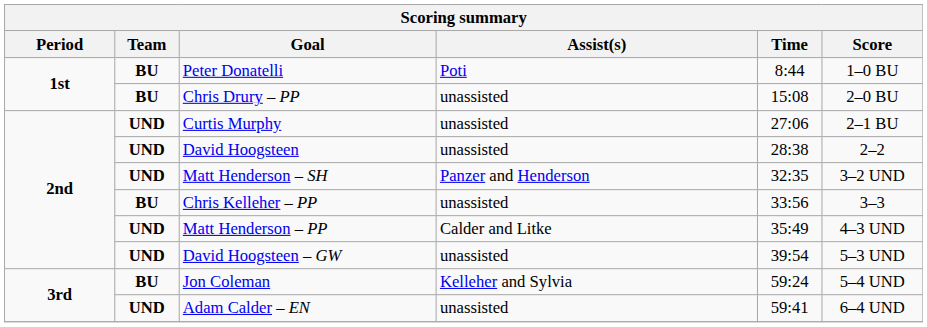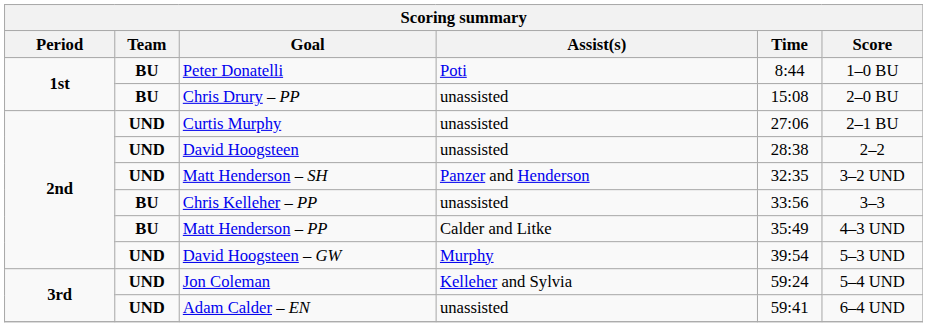 <table style="width:100%;" class="wikitable">
 <tr>
 <th colspan=6>Scoring summary</th>
 </tr>
 <tr>
 <th style="width:12%;">Period</th>
 <th style="width:7%;">Team</th>
 <th style="width:28%;">Goal</th>
 <th style="width:35%;">Assist(s)</th>
 <th style="width:7%;">Time</th>
 <th style="width:11%;">Score</th>
 </tr>
 <tr>
 <td style="text-align:center;" rowspan="2"><strong>1st</strong></td>
 <td align=center><strong>BU</strong></td>
 <td><a href='#'>Peter Donatelli</a></td>
 <td><a href='#'>Poti</a></td>
 <td align=center>8:44</td>
 <td align=center>1–0 BU</td>
 </tr>
 <tr>
 <td align=center><strong>BU</strong></td>
 <td><a href='#'>Chris Drury</a> – <em>PP</em></td>
 <td>unassisted</td>
 <td align=center>15:08</td>
 <td align=center>2–0 BU</td>
 </tr>
 <tr>
 <td style="text-align:center;" rowspan="6"><strong>2nd</strong></td>
 <td align=center><strong>UND</strong></td>
 <td><a href='#'>Curtis Murphy</a></td>
 <td>unassisted</td>
 <td align=center>27:06</td>
 <td align=center>2–1 BU</td>
 </tr>
 <tr>
 <td align=center><strong>UND</strong></td>
 <td><a href='#'>David Hoogsteen</a></td>
 <td>unassisted</td>
 <td align=center>28:38</td>
 <td align=center>2–2</td>
 </tr>
 <tr>
 <td align=center><strong>UND</strong></td>
 <td><a href='#'>Matt Henderson</a> – <em>SH</em></td>
 <td><a href='#'>Panzer</a> and <a href='#'>Henderson</a></td>
 <td align=center>32:35</td>
 <td align=center>3–2 UND</td>
 </tr>
 <tr>
 <td align=center><strong>BU</strong></td>
 <td><a href='#'>Chris Kelleher</a> – <em>PP</em></td>
 <td>unassisted</td>
 <td align=center>33:56</td>
 <td align=center>3–3</td>
 </tr>
 <tr>
-<td align=center><strong>UND</strong></td>
+<td align=center><strong>BU</strong></td>
 <td><a href='#'>Matt Henderson</a> – <em>PP</em></td>
 <td>Calder and Litke</td>
 <td align=center>35:49</td>
 <td align=center>4–3 UND</td>
 </tr>
 <tr>
 <td align=center><strong>UND</strong></td>
 <td><a href='#'>David Hoogsteen</a> – <em>GW</em></td>
-<td>unassisted</td>
+<td><a href='#'>Murphy</a></td>
 <td align=center>39:54</td>
 <td align=center>5–3 UND</td>
 </tr>
 <tr>
 <td style="text-align:center;" rowspan="2"><strong>3rd</strong></td>
-<td align=center><strong>BU</strong></td>
+<td align=center><strong>UND</strong></td>
 <td><a href='#'>Jon Coleman</a></td>
 <td><a href='#'>Kelleher</a> and Sylvia</td>
 <td align=center>59:24</td>
 <td align=center>5–4 UND</td>
 </tr>
 <tr>
 <td align=center><strong>UND</strong></td>
 <td><a href='#'>Adam Calder</a> – <em>EN</em></td>
 <td>unassisted</td>
 <td align=center>59:41</td>
 <td align=center>6–4 UND</td>
 </tr>
 <tr>
 </tr>
 </table>
